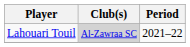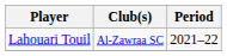 <table class="wikitable collapsible collapsed" style="text-align:center;font-size:95%">
 <tr>
 <th scope="col">Player</th>
 <th scope="col" class="unsortable">Club(s)</th>
 <th scope="col">Period</th>
 </tr>
 <tr>
 <td align="left"><a href='#'>Lahouari Touil</a></td>
-<td style="background: lightgrey;"><small><a href='#'>Al-Zawraa SC</a></small></td>
+<td><small><a href='#'>Al-Zawraa SC</a></small></td>
 <td>2021–22</td>
 </tr>
 <tr>
 </tr>
 </table>
